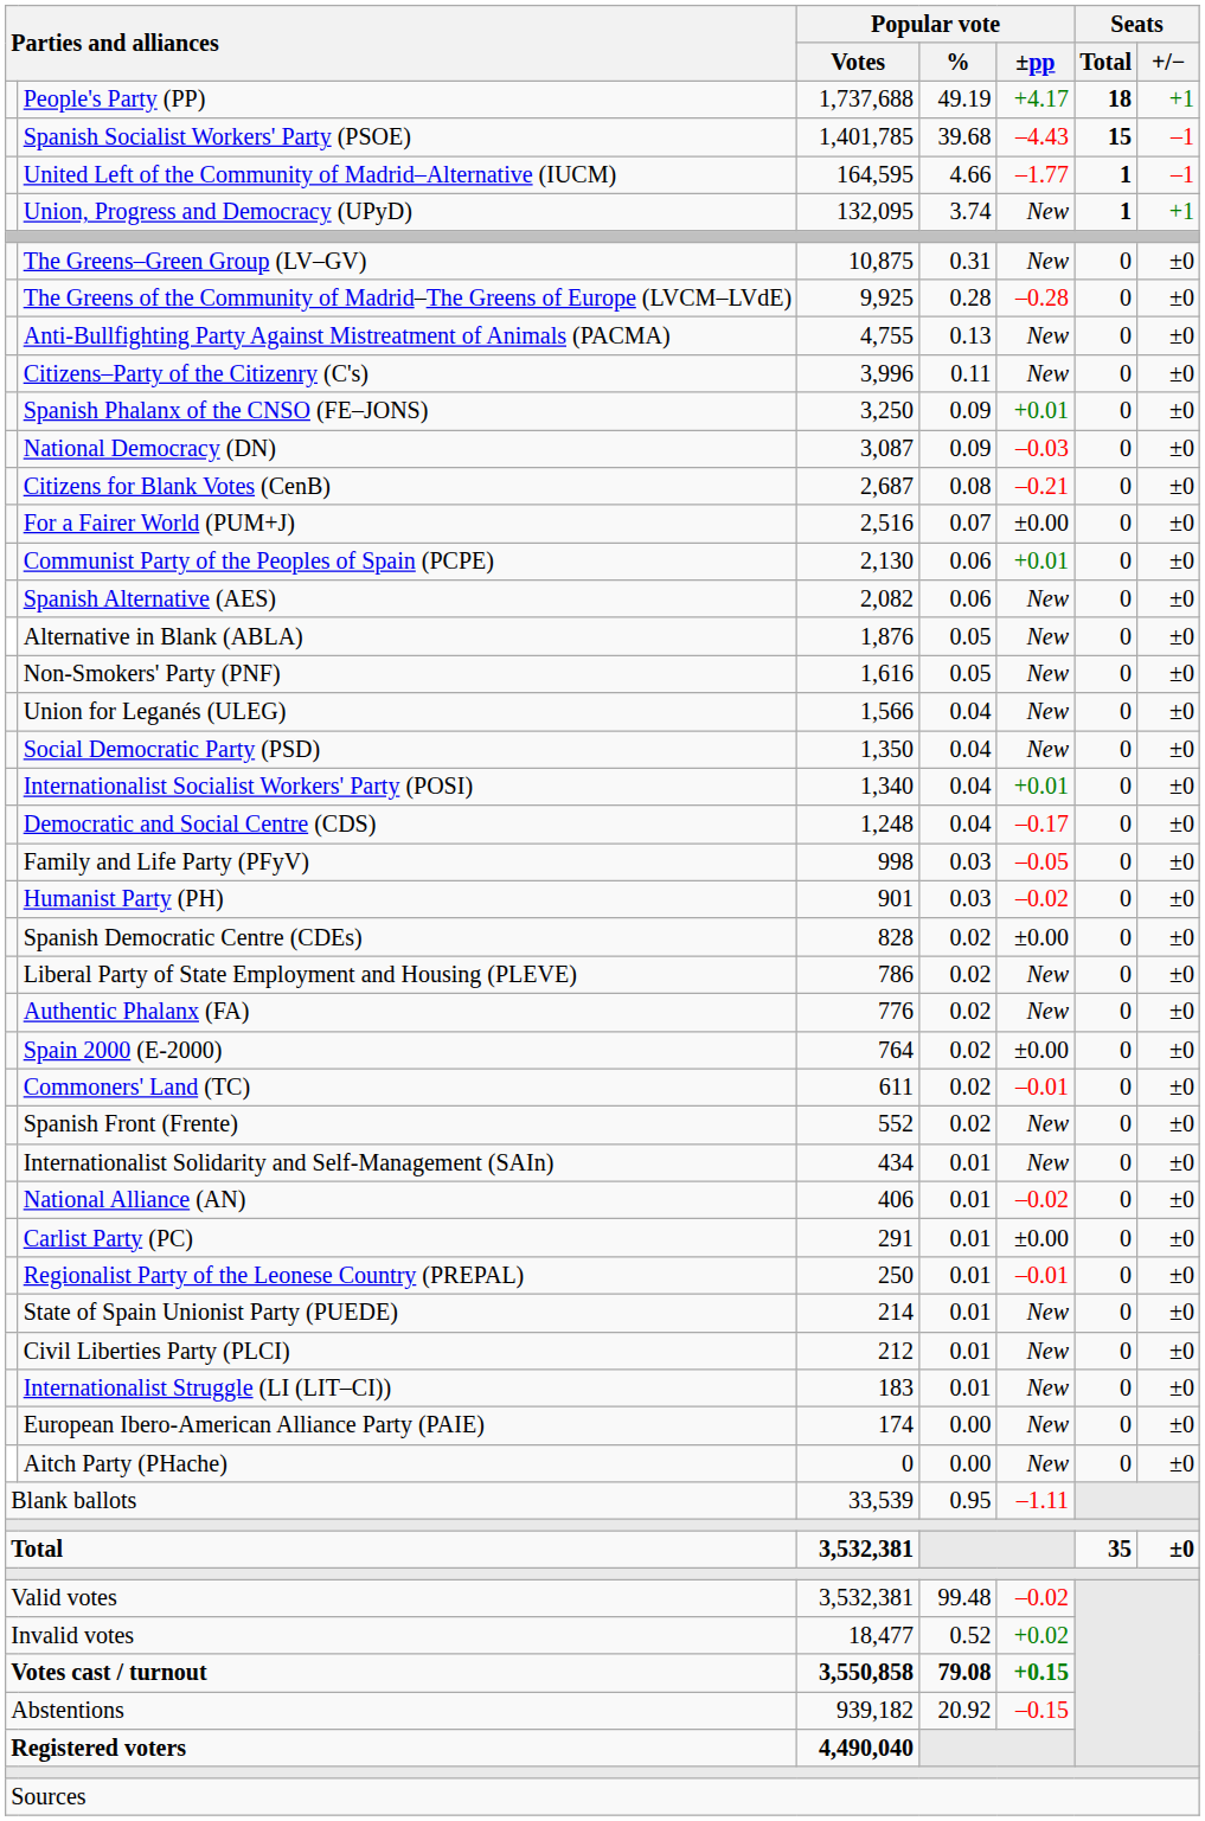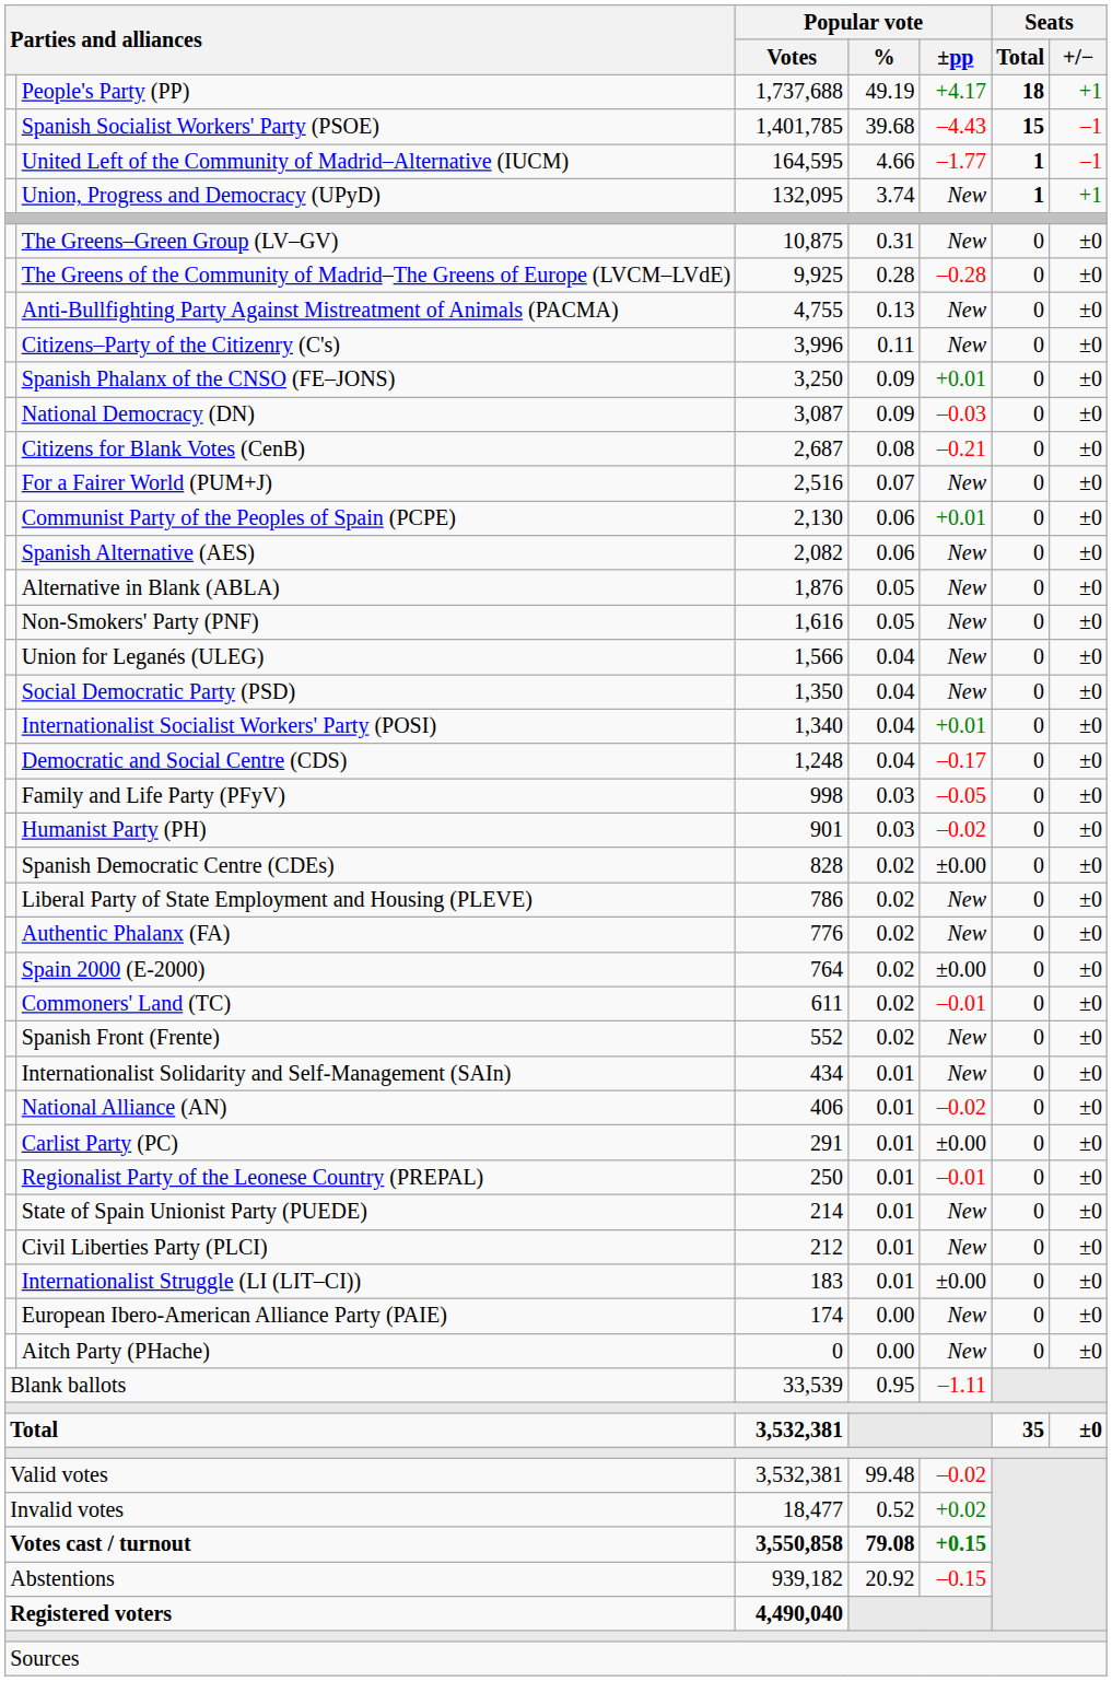 <table class="wikitable" style="text-align:right;">
 <tr>
 <th style="text-align:left;" rowspan="2" colspan="2" width="525">Parties and alliances</th>
 <th colspan="3">Popular vote</th>
 <th colspan="2">Seats</th>
 </tr>
 <tr>
 <th width="75">Votes</th>
 <th width="45">%</th>
 <th width="45">±<a href='#'>pp</a></th>
 <th width="35">Total</th>
 <th width="35">+/−</th>
 </tr>
 <tr>
 <td width="1" style="color:inherit;background:"></td>
 <td align="left"><a href='#'>People's Party</a> (PP)</td>
 <td>1,737,688</td>
 <td>49.19</td>
 <td style="color:green;">+4.17</td>
 <td><strong>18</strong></td>
 <td style="color:green;">+1</td>
 </tr>
 <tr>
 <td style="color:inherit;background:"></td>
 <td align="left"><a href='#'>Spanish Socialist Workers' Party</a> (PSOE)</td>
 <td>1,401,785</td>
 <td>39.68</td>
 <td style="color:red;">–4.43</td>
 <td><strong>15</strong></td>
 <td style="color:red;">–1</td>
 </tr>
 <tr>
 <td style="color:inherit;background:"></td>
 <td align="left"><a href='#'>United Left of the Community of Madrid–Alternative</a> (IUCM)</td>
 <td>164,595</td>
 <td>4.66</td>
 <td style="color:red;">–1.77</td>
 <td><strong>1</strong></td>
 <td style="color:red;">–1</td>
 </tr>
 <tr>
 <td style="color:inherit;background:"></td>
 <td align="left"><a href='#'>Union, Progress and Democracy</a> (UPyD)</td>
 <td>132,095</td>
 <td>3.74</td>
 <td><em>New</em></td>
 <td><strong>1</strong></td>
 <td style="color:green;">+1</td>
 </tr>
 <tr>
 <td colspan="7" bgcolor="#C0C0C0"></td>
 </tr>
 <tr>
 <td style="color:inherit;background:"></td>
 <td align="left"><a href='#'>The Greens–Green Group</a> (LV–GV)</td>
 <td>10,875</td>
 <td>0.31</td>
 <td><em>New</em></td>
 <td>0</td>
 <td>±0</td>
 </tr>
 <tr>
 <td style="color:inherit;background:"></td>
 <td align="left"><a href='#'>The Greens of the Community of Madrid</a>–<a href='#'>The Greens of Europe</a> (LVCM–LVdE)</td>
 <td>9,925</td>
 <td>0.28</td>
 <td style="color:red;">–0.28</td>
 <td>0</td>
 <td>±0</td>
 </tr>
 <tr>
 <td style="color:inherit;background:"></td>
 <td align="left"><a href='#'>Anti-Bullfighting Party Against Mistreatment of Animals</a> (PACMA)</td>
 <td>4,755</td>
 <td>0.13</td>
 <td><em>New</em></td>
 <td>0</td>
 <td>±0</td>
 </tr>
 <tr>
 <td style="color:inherit;background:"></td>
 <td align="left"><a href='#'>Citizens–Party of the Citizenry</a> (C's)</td>
 <td>3,996</td>
 <td>0.11</td>
 <td><em>New</em></td>
 <td>0</td>
 <td>±0</td>
 </tr>
 <tr>
 <td style="color:inherit;background:"></td>
 <td align="left"><a href='#'>Spanish Phalanx of the CNSO</a> (FE–JONS)</td>
 <td>3,250</td>
 <td>0.09</td>
 <td style="color:green;">+0.01</td>
 <td>0</td>
 <td>±0</td>
 </tr>
 <tr>
 <td style="color:inherit;background:"></td>
 <td align="left"><a href='#'>National Democracy</a> (DN)</td>
 <td>3,087</td>
 <td>0.09</td>
 <td style="color:red;">–0.03</td>
 <td>0</td>
 <td>±0</td>
 </tr>
 <tr>
 <td style="color:inherit;background:"></td>
 <td align="left"><a href='#'>Citizens for Blank Votes</a> (CenB)</td>
 <td>2,687</td>
 <td>0.08</td>
 <td style="color:red;">–0.21</td>
 <td>0</td>
 <td>±0</td>
 </tr>
 <tr>
 <td style="color:inherit;background:"></td>
 <td align="left"><a href='#'>For a Fairer World</a> (PUM+J)</td>
 <td>2,516</td>
 <td>0.07</td>
-<td>±0.00</td>
+<td><em>New</em></td>
 <td>0</td>
 <td>±0</td>
 </tr>
 <tr>
 <td style="color:inherit;background:"></td>
 <td align="left"><a href='#'>Communist Party of the Peoples of Spain</a> (PCPE)</td>
 <td>2,130</td>
 <td>0.06</td>
 <td style="color:green;">+0.01</td>
 <td>0</td>
 <td>±0</td>
 </tr>
 <tr>
 <td style="color:inherit;background:"></td>
 <td align="left"><a href='#'>Spanish Alternative</a> (AES)</td>
 <td>2,082</td>
 <td>0.06</td>
 <td><em>New</em></td>
 <td>0</td>
 <td>±0</td>
 </tr>
 <tr>
 <td bgcolor="white"></td>
 <td align="left">Alternative in Blank (ABLA)</td>
 <td>1,876</td>
 <td>0.05</td>
 <td><em>New</em></td>
 <td>0</td>
 <td>±0</td>
 </tr>
 <tr>
 <td style="color:inherit;background:"></td>
 <td align="left">Non-Smokers' Party (PNF)</td>
 <td>1,616</td>
 <td>0.05</td>
 <td><em>New</em></td>
 <td>0</td>
 <td>±0</td>
 </tr>
 <tr>
 <td style="color:inherit;background:"></td>
 <td align="left">Union for Leganés (ULEG)</td>
 <td>1,566</td>
 <td>0.04</td>
 <td><em>New</em></td>
 <td>0</td>
 <td>±0</td>
 </tr>
 <tr>
 <td style="color:inherit;background:"></td>
 <td align="left"><a href='#'>Social Democratic Party</a> (PSD)</td>
 <td>1,350</td>
 <td>0.04</td>
 <td><em>New</em></td>
 <td>0</td>
 <td>±0</td>
 </tr>
 <tr>
 <td style="color:inherit;background:"></td>
 <td align="left"><a href='#'>Internationalist Socialist Workers' Party</a> (POSI)</td>
 <td>1,340</td>
 <td>0.04</td>
 <td style="color:green;">+0.01</td>
 <td>0</td>
 <td>±0</td>
 </tr>
 <tr>
 <td style="color:inherit;background:"></td>
 <td align="left"><a href='#'>Democratic and Social Centre</a> (CDS)</td>
 <td>1,248</td>
 <td>0.04</td>
 <td style="color:red;">–0.17</td>
 <td>0</td>
 <td>±0</td>
 </tr>
 <tr>
 <td style="color:inherit;background:"></td>
 <td align="left">Family and Life Party (PFyV)</td>
 <td>998</td>
 <td>0.03</td>
 <td style="color:red;">–0.05</td>
 <td>0</td>
 <td>±0</td>
 </tr>
 <tr>
 <td style="color:inherit;background:"></td>
 <td align="left"><a href='#'>Humanist Party</a> (PH)</td>
 <td>901</td>
 <td>0.03</td>
 <td style="color:red;">–0.02</td>
 <td>0</td>
 <td>±0</td>
 </tr>
 <tr>
 <td style="color:inherit;background:"></td>
 <td align="left">Spanish Democratic Centre (CDEs)</td>
 <td>828</td>
 <td>0.02</td>
 <td>±0.00</td>
 <td>0</td>
 <td>±0</td>
 </tr>
 <tr>
 <td style="color:inherit;background:"></td>
 <td align="left">Liberal Party of State Employment and Housing (PLEVE)</td>
 <td>786</td>
 <td>0.02</td>
 <td><em>New</em></td>
 <td>0</td>
 <td>±0</td>
 </tr>
 <tr>
 <td style="color:inherit;background:"></td>
 <td align="left"><a href='#'>Authentic Phalanx</a> (FA)</td>
 <td>776</td>
 <td>0.02</td>
 <td><em>New</em></td>
 <td>0</td>
 <td>±0</td>
 </tr>
 <tr>
 <td style="color:inherit;background:"></td>
 <td align="left"><a href='#'>Spain 2000</a> (E-2000)</td>
 <td>764</td>
 <td>0.02</td>
 <td>±0.00</td>
 <td>0</td>
 <td>±0</td>
 </tr>
 <tr>
 <td style="color:inherit;background:"></td>
 <td align="left"><a href='#'>Commoners' Land</a> (TC)</td>
 <td>611</td>
 <td>0.02</td>
 <td style="color:red;">–0.01</td>
 <td>0</td>
 <td>±0</td>
 </tr>
 <tr>
 <td style="color:inherit;background:"></td>
 <td align="left">Spanish Front (Frente)</td>
 <td>552</td>
 <td>0.02</td>
 <td><em>New</em></td>
 <td>0</td>
 <td>±0</td>
 </tr>
 <tr>
 <td style="color:inherit;background:"></td>
 <td align="left">Internationalist Solidarity and Self-Management (SAIn)</td>
 <td>434</td>
 <td>0.01</td>
 <td><em>New</em></td>
 <td>0</td>
 <td>±0</td>
 </tr>
 <tr>
 <td style="color:inherit;background:"></td>
 <td align="left"><a href='#'>National Alliance</a> (AN)</td>
 <td>406</td>
 <td>0.01</td>
 <td style="color:red;">–0.02</td>
 <td>0</td>
 <td>±0</td>
 </tr>
 <tr>
 <td style="color:inherit;background:"></td>
 <td align="left"><a href='#'>Carlist Party</a> (PC)</td>
 <td>291</td>
 <td>0.01</td>
 <td>±0.00</td>
 <td>0</td>
 <td>±0</td>
 </tr>
 <tr>
 <td style="color:inherit;background:"></td>
 <td align="left"><a href='#'>Regionalist Party of the Leonese Country</a> (PREPAL)</td>
 <td>250</td>
 <td>0.01</td>
 <td style="color:red;">–0.01</td>
 <td>0</td>
 <td>±0</td>
 </tr>
 <tr>
 <td style="color:inherit;background:"></td>
 <td align="left">State of Spain Unionist Party (PUEDE)</td>
 <td>214</td>
 <td>0.01</td>
 <td><em>New</em></td>
 <td>0</td>
 <td>±0</td>
 </tr>
 <tr>
 <td style="color:inherit;background:"></td>
 <td align="left">Civil Liberties Party (PLCI)</td>
 <td>212</td>
 <td>0.01</td>
 <td><em>New</em></td>
 <td>0</td>
 <td>±0</td>
 </tr>
 <tr>
 <td style="color:inherit;background:"></td>
 <td align="left"><a href='#'>Internationalist Struggle</a> (LI (LIT–CI))</td>
 <td>183</td>
 <td>0.01</td>
-<td><em>New</em></td>
+<td>±0.00</td>
 <td>0</td>
 <td>±0</td>
 </tr>
 <tr>
 <td style="color:inherit;background:"></td>
 <td align="left">European Ibero-American Alliance Party (PAIE)</td>
 <td>174</td>
 <td>0.00</td>
 <td><em>New</em></td>
 <td>0</td>
 <td>±0</td>
 </tr>
 <tr>
 <td bgcolor="white"></td>
 <td align="left">Aitch Party (PHache)</td>
 <td>0</td>
 <td>0.00</td>
 <td><em>New</em></td>
 <td>0</td>
 <td>±0</td>
 </tr>
 <tr>
 <td align="left" colspan="2">Blank ballots</td>
 <td>33,539</td>
 <td>0.95</td>
 <td style="color:red;">–1.11</td>
 <td bgcolor="#E9E9E9" colspan="2"></td>
 </tr>
 <tr>
 <td colspan="7" bgcolor="#E9E9E9"></td>
 </tr>
 <tr style="font-weight:bold;">
 <td align="left" colspan="2">Total</td>
 <td>3,532,381</td>
 <td bgcolor="#E9E9E9" colspan="2"></td>
 <td>35</td>
 <td>±0</td>
 </tr>
 <tr>
 <td colspan="7" bgcolor="#E9E9E9"></td>
 </tr>
 <tr>
 <td align="left" colspan="2">Valid votes</td>
 <td>3,532,381</td>
 <td>99.48</td>
 <td style="color:red;">–0.02</td>
 <td bgcolor="#E9E9E9" colspan="2" rowspan="5"></td>
 </tr>
 <tr>
 <td align="left" colspan="2">Invalid votes</td>
 <td>18,477</td>
 <td>0.52</td>
 <td style="color:green;">+0.02</td>
 </tr>
 <tr style="font-weight:bold;">
 <td align="left" colspan="2">Votes cast / turnout</td>
 <td>3,550,858</td>
 <td>79.08</td>
 <td style="color:green;">+0.15</td>
 </tr>
 <tr>
 <td align="left" colspan="2">Abstentions</td>
 <td>939,182</td>
 <td>20.92</td>
 <td style="color:red;">–0.15</td>
 </tr>
 <tr style="font-weight:bold;">
 <td align="left" colspan="2">Registered voters</td>
 <td>4,490,040</td>
 <td bgcolor="#E9E9E9" colspan="2"></td>
 </tr>
 <tr>
 <td colspan="7" bgcolor="#E9E9E9"></td>
 </tr>
 <tr>
 <td align="left" colspan="7">Sources</td>
 </tr>
 </table>
